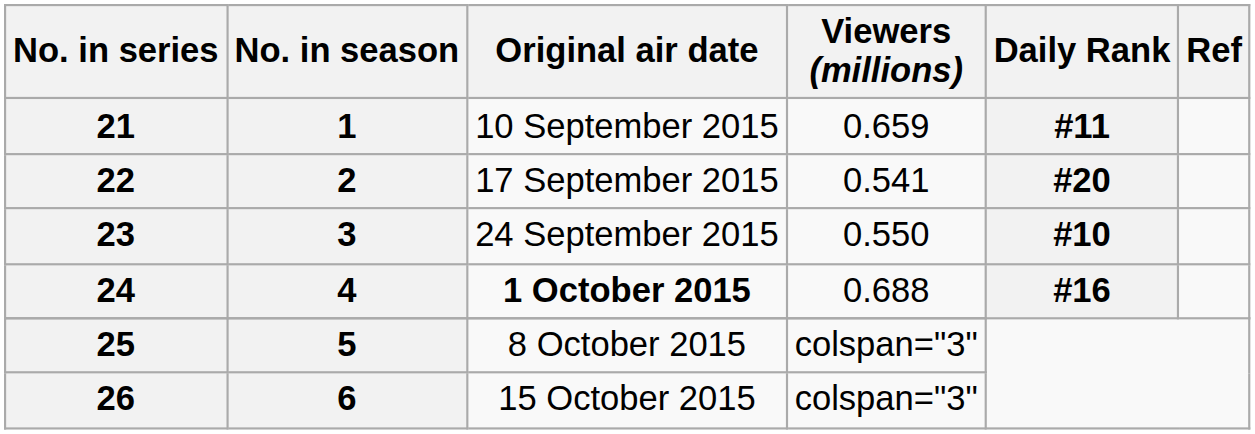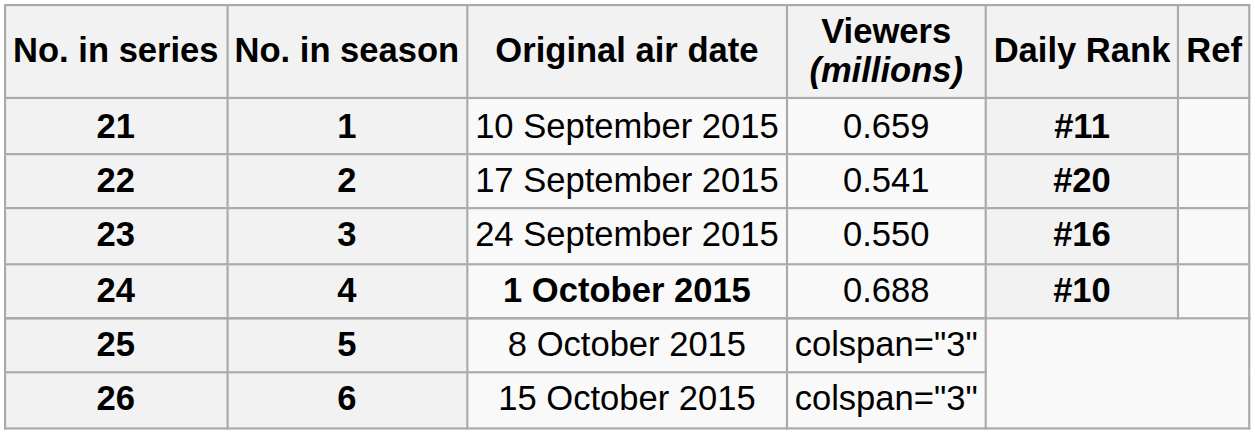 <table class="wikitable plainrowheaders" style="text-align: center; font-size:100%;">
 <tr>
 <th>No. in series</th>
 <th>No. in season</th>
 <th>Original air date</th>
 <th>Viewers<br><em>(millions)</em></th>
 <th>Daily Rank</th>
 <th>Ref</th>
 </tr>
 <tr>
 <th>21</th>
 <th>1</th>
 <td>10 September 2015</td>
 <td>0.659</td>
 <th>#11</th>
 <td></td>
 </tr>
 <tr>
 <th>22</th>
 <th>2</th>
 <td>17 September 2015</td>
 <td>0.541</td>
 <th>#20</th>
 <td></td>
 </tr>
 <tr>
 <th>23</th>
 <th>3</th>
 <td>24 September 2015</td>
 <td>0.550</td>
-<th>#10</th>
+<th>#16</th>
 <td></td>
 </tr>
 <tr>
 <th>24</th>
 <th>4</th>
 <td><strong>1 October 2015</strong></td>
 <td>0.688</td>
-<th>#16</th>
+<th>#10</th>
 <td></td>
 </tr>
 <tr>
 </tr>
 <tr>
 <th>25</th>
 <th>5</th>
 <td>8 October 2015</td>
 <td>colspan="3" </td>
 </tr>
 <tr>
 <th>26</th>
 <th>6</th>
 <td>15 October 2015</td>
 <td>colspan="3" </td>
 </tr>
 </table>
